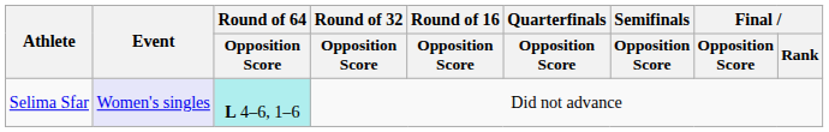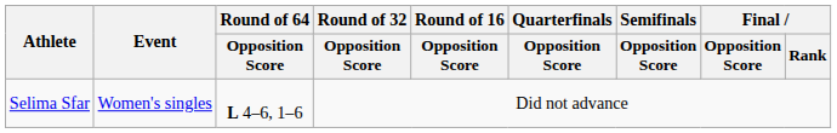 <table class=wikitable style="font-size:90%">
 <tr>
 <th rowspan="2">Athlete</th>
 <th rowspan="2">Event</th>
 <th>Round of 64</th>
 <th>Round of 32</th>
 <th>Round of 16</th>
 <th>Quarterfinals</th>
 <th>Semifinals</th>
 <th colspan=2>Final / </th>
 </tr>
 <tr style="font-size:95%">
 <th>Opposition<br>Score</th>
 <th>Opposition<br>Score</th>
 <th>Opposition<br>Score</th>
 <th>Opposition<br>Score</th>
 <th>Opposition<br>Score</th>
 <th>Opposition<br>Score</th>
 <th>Rank</th>
 </tr>
 <tr align=center>
 <td align=left><a href='#'>Selima Sfar</a></td>
-<td align=left style="background: lavender;"><a href='#'>Women's singles</a></td>
-<td style="background: paleturquoise;"><br><strong>L</strong> 4–6, 1–6</td>
+<td align=left><a href='#'>Women's singles</a></td>
+<td><br><strong>L</strong> 4–6, 1–6</td>
 <td colspan=6>Did not advance</td>
 </tr>
 </table>
